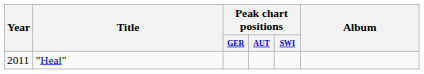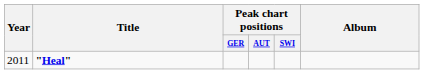 <table class="wikitable">
 <tr>
 <th rowspan="2" width="33">Year</th>
 <th rowspan="2" width="260">Title</th>
 <th colspan="3">Peak chart positions</th>
 <th rowspan="2" width="160">Album</th>
 </tr>
 <tr style="font-size:smaller;">
 <th width="30"><small><a href='#'>GER</a></small></th>
 <th width="30"><small><a href='#'>AUT</a></small></th>
 <th width="30"><small><a href='#'>SWI</a></small></th>
 </tr>
 <tr>
 <td align="left" rowspan="2">2011</td>
-<td>"<a href='#'>Heal</a>"</td>
+<td><strong>"<a href='#'>Heal</a>"</strong></td>
 <td></td>
 <td></td>
 <td></td>
 <td rowspan="2"></td>
 </tr>
 </table>
